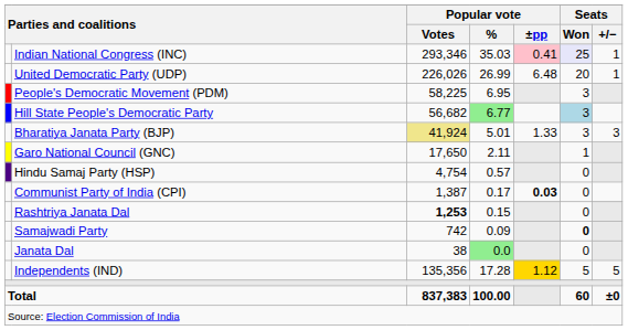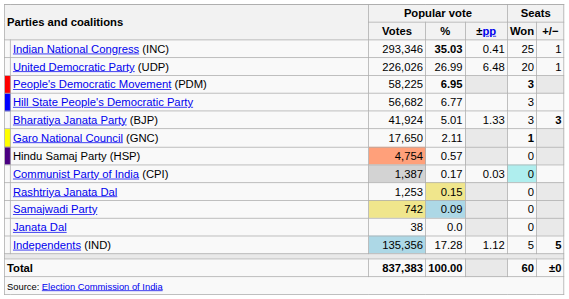 <table class="wikitable" style="text-align:right; font-size:95%;">
 <tr>
 </tr>
 <tr>
 <th style="text-align:left;" rowspan="2" colspan="2" width="485">Parties and coalitions</th>
 <th colspan="3">Popular vote</th>
 <th colspan="2">Seats</th>
 </tr>
 <tr>
 <th width="70">Votes</th>
 <th width="45">%</th>
 <th width="50">±<a href='#'>pp</a></th>
 <th width="30">Won</th>
 <th width="30">+/−</th>
 </tr>
 <tr>
 <td width="1" style="color:inherit;background:"></td>
 <td align="left"><a href='#'>Indian National Congress</a> (INC)</td>
 <td>293,346</td>
-<td>35.03</td>
-<td style="background: pink;">0.41 </td>
-<td style="background: lavender;">25</td>
+<td><strong>35.03</strong></td>
+<td>0.41 </td>
+<td>25</td>
 <td>1 </td>
 </tr>
 <tr>
 <td width="1" bgcolor=></td>
 <td align="left"><a href='#'>United Democratic Party</a> (UDP)</td>
 <td>226,026</td>
 <td>26.99</td>
 <td>6.48 </td>
 <td>20</td>
 <td>1 </td>
 </tr>
 <tr>
 <td width="1" bgcolor="red"></td>
 <td align="left"><a href='#'>People's Democratic Movement</a> (PDM)</td>
 <td>58,225</td>
-<td>6.95</td>
+<td><strong>6.95</strong></td>
 <td style="color:inherit;background:#E9E9E9"></td>
-<td>3</td>
+<td><strong>3</strong></td>
 <td style="color:inherit;background:#E9E9E9"></td>
 </tr>
 <tr>
 <td width="1" bgcolor="blue"></td>
 <td align="left"><a href='#'>Hill State People's Democratic Party</a></td>
 <td>56,682</td>
-<td style="background: lightgreen;">6.77</td>
+<td>6.77</td>
 <td></td>
-<td style="background: lightblue;">3</td>
+<td>3</td>
 <td></td>
 </tr>
 <tr>
 <td width="1"></td>
 <td align="left"><a href='#'>Bharatiya Janata Party</a> (BJP)</td>
-<td style="background: khaki;">41,924</td>
+<td>41,924</td>
 <td>5.01</td>
 <td>1.33 </td>
 <td>3</td>
-<td>3 </td>
+<td><strong>3 </strong></td>
 </tr>
 <tr>
 <td width="1" bgcolor="yellow"></td>
 <td align="left"><a href='#'>Garo National Council</a> (GNC)</td>
 <td>17,650</td>
 <td>2.11</td>
 <td style="color:inherit;background:#E9E9E9"></td>
-<td>1</td>
+<td><strong>1</strong></td>
 <td style="color:inherit;background:#E9E9E9"></td>
 </tr>
 <tr>
 <td width="1" bgcolor="indigo"></td>
 <td align="left">Hindu Samaj Party (HSP)</td>
-<td>4,754</td>
+<td style="background: lightsalmon;">4,754</td>
 <td>0.57</td>
 <td style="color:inherit;background:#E9E9E9"></td>
 <td>0</td>
 <td style="color:inherit;background:#E9E9E9"></td>
 </tr>
 <tr>
 <td></td>
 <td align="left"><a href='#'>Communist Party of India</a> (CPI)</td>
-<td>1,387</td>
+<td style="background: lightgrey;">1,387</td>
 <td>0.17</td>
-<td><strong>0.03 </strong></td>
-<td>0</td>
+<td>0.03 </td>
+<td style="background: paleturquoise;">0</td>
 <td></td>
 </tr>
 <tr>
 <td width="1"></td>
 <td align="left"><a href='#'>Rashtriya Janata Dal</a></td>
-<td><strong>1,253</strong></td>
-<td>0.15</td>
+<td>1,253</td>
+<td style="background: khaki;">0.15</td>
 <td style="color:inherit;background:#E9E9E9"></td>
 <td>0</td>
 <td style="color:inherit;background:#E9E9E9"></td>
 </tr>
 <tr>
 <td width="1"></td>
 <td align="left"><a href='#'>Samajwadi Party</a></td>
-<td>742</td>
-<td>0.09</td>
+<td style="background: khaki;">742</td>
+<td style="background: lightblue;">0.09</td>
 <td style="color:inherit;background:#E9E9E9"></td>
-<td><strong>0</strong></td>
+<td>0</td>
 <td style="color:inherit;background:#E9E9E9"></td>
 </tr>
 <tr>
 <td width="1"></td>
 <td align="left"><a href='#'>Janata Dal</a></td>
 <td>38</td>
-<td style="background: lightgreen;">0.0</td>
+<td>0.0</td>
 <td style="color:inherit;background:#E9E9E9"></td>
 <td>0</td>
 <td style="color:inherit;background:#E9E9E9"></td>
 </tr>
 <tr>
 <td></td>
 <td align="left"><a href='#'>Independents</a> (IND)</td>
-<td>135,356</td>
+<td style="background: lightblue;">135,356</td>
 <td>17.28</td>
-<td style="background: gold;">1.12 </td>
+<td>1.12 </td>
 <td>5</td>
-<td>5 </td>
+<td><strong>5 </strong></td>
 </tr>
 <tr>
 <td colspan="7" bgcolor="#E9E9E9"></td>
 </tr>
 <tr style="font-weight:bold;">
 <td align="left" colspan="2">Total</td>
 <td>837,383</td>
 <td>100.00</td>
 <td bgcolor="#E9E9E9"></td>
 <td>60</td>
 <td>±0</td>
 </tr>
 <tr>
 <td style="text-align:left;" colspan="7"><small>Source: <a href='#'>Election Commission of India</a></small></td>
 </tr>
 </table>
